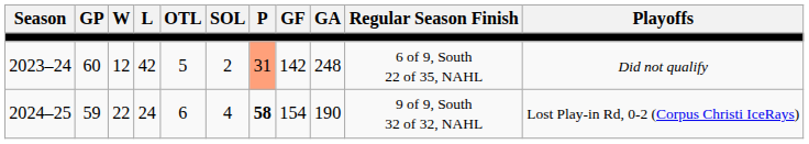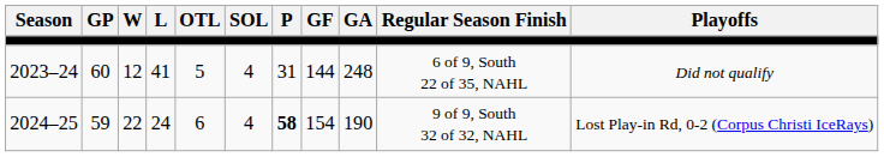 <table class="wikitable" style="text-align:center">
 <tr>
 <th>Season</th>
 <th>GP</th>
 <th>W</th>
 <th>L</th>
 <th>OTL</th>
 <th>SOL</th>
 <th>P</th>
 <th>GF</th>
 <th>GA</th>
 <th>Regular Season Finish</th>
 <th>Playoffs</th>
 </tr>
 <tr style="color:white; background:#000000; ">
 <td colspan="11"></td>
 </tr>
 <tr>
 <td>2023–24</td>
 <td>60</td>
 <td>12</td>
-<td>42</td>
+<td>41</td>
 <td>5</td>
-<td>2</td>
-<td style="background: lightsalmon;">31</td>
-<td>142</td>
+<td>4</td>
+<td>31</td>
+<td>144</td>
 <td>248</td>
 <td><small> 6 of 9, South<br>22 of 35, NAHL</small></td>
 <td><small><em>Did not qualify</em></small></td>
 </tr>
 <tr>
 <td>2024–25</td>
 <td>59</td>
 <td>22</td>
 <td>24</td>
 <td>6</td>
 <td>4</td>
 <td><strong>58</strong></td>
 <td>154</td>
 <td>190</td>
 <td><small> 9 of 9, South<br>32 of 32, NAHL</small></td>
 <td><small>Lost Play-in Rd, 0-2 (<a href='#'>Corpus Christi IceRays</a>)</small></td>
 </tr>
 </table>
